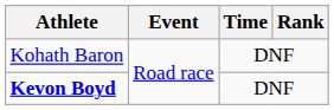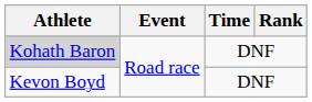 <table class=wikitable style="font-size:90%;">
 <tr>
 <th>Athlete</th>
 <th>Event</th>
 <th>Time</th>
 <th>Rank</th>
 </tr>
 <tr align=center>
-<td align=left><a href='#'>Kohath Baron</a></td>
+<td align=left style="background: lightgrey;"><a href='#'>Kohath Baron</a></td>
 <td align=left rowspan=2><a href='#'>Road race</a></td>
 <td colspan=2>DNF</td>
 </tr>
 <tr align=center>
-<td align=left><strong><a href='#'>Kevon Boyd</a></strong></td>
+<td align=left><a href='#'>Kevon Boyd</a></td>
 <td colspan=2>DNF</td>
 </tr>
 </table>
